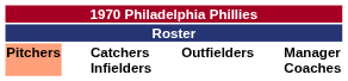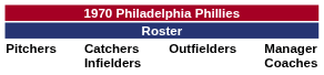 <table class="toccolours" style="font-size: 95%;">
 <tr>
 <th colspan="10" style="background-color: #A50024; color: white; text-align: center;">1970 Philadelphia Phillies</th>
 </tr>
 <tr>
 <td colspan="10" style="background-color: #263473; color: white; text-align: center;"><strong>Roster</strong></td>
 </tr>
 <tr>
-<td valign="top" style="background: lightsalmon;"><strong>Pitchers</strong><br>              </td>
+<td valign="top"><strong>Pitchers</strong><br>              </td>
 <td width="25px"></td>
 <td valign="top"><strong>Catchers</strong><br>     <strong>Infielders</strong>        </td>
 <td width="25px"></td>
 <td valign="top"><strong>Outfielders</strong><br>          </td>
 <td width="25px"></td>
 <td valign="top"><strong>Manager</strong><br> <strong>Coaches</strong>    </td>
 </tr>
 <tr>
 </tr>
 </table>
